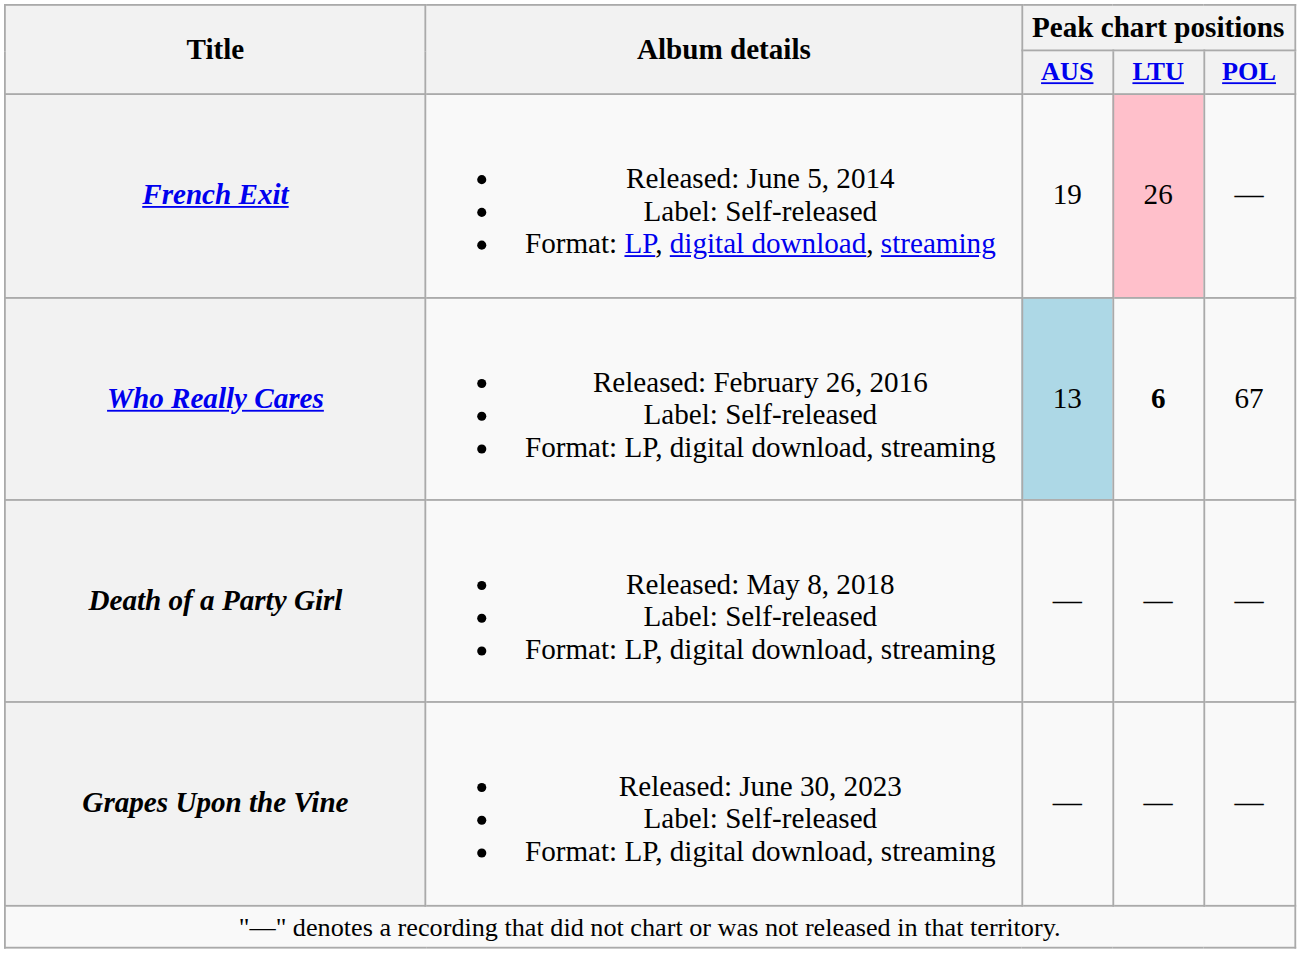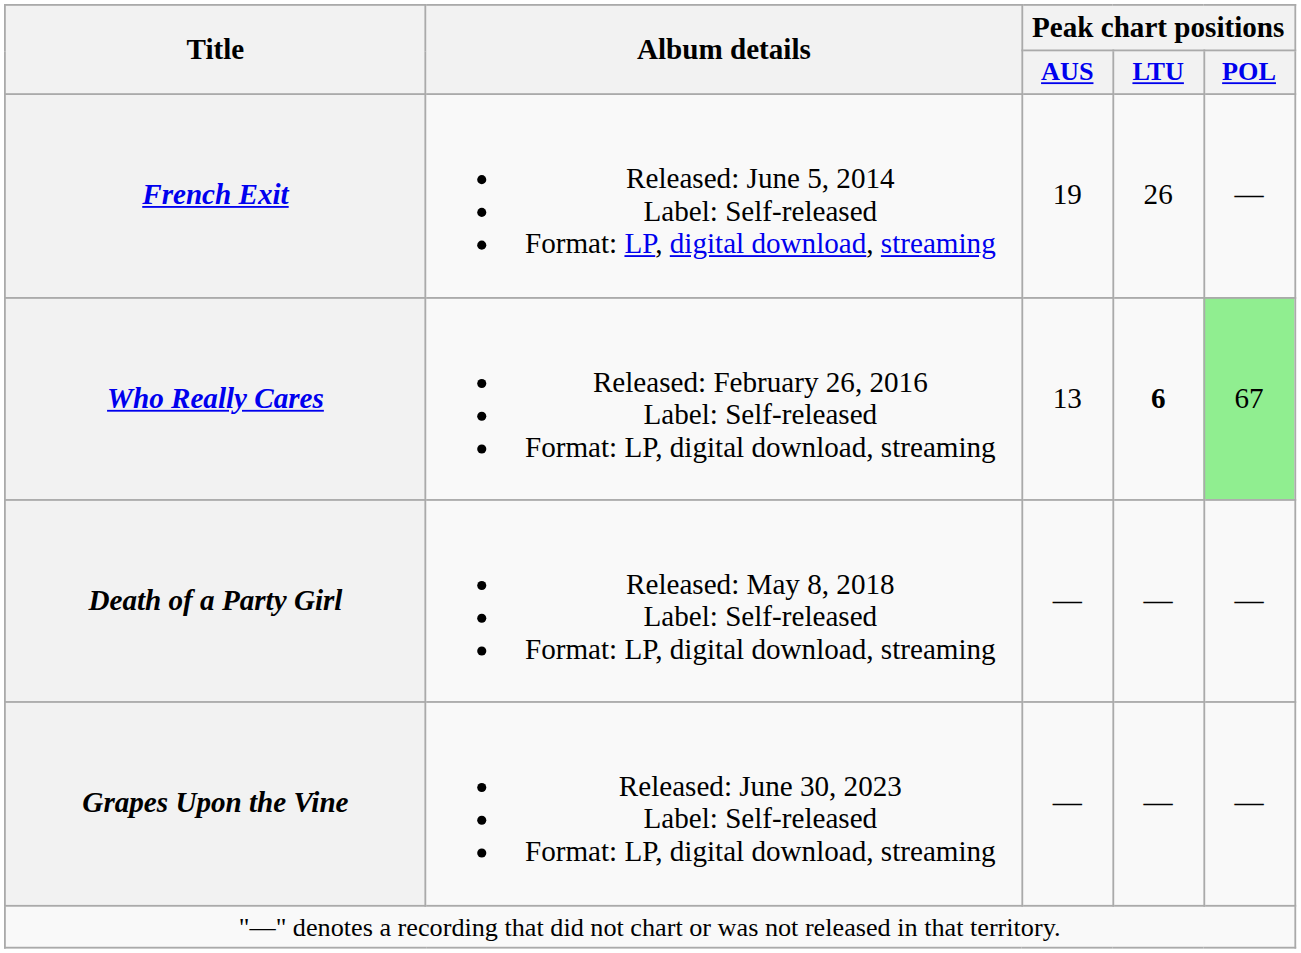 <table class="wikitable plainrowheaders" style="text-align:center;">
 <tr>
 <th scope="col" rowspan="2" style="width:14em;">Title</th>
 <th scope="col" rowspan="2" style="width:20em;">Album details</th>
 <th scope="col" colspan="3">Peak chart positions</th>
 </tr>
 <tr>
 <th scope="col" style="width:3em;font-size:90%;"><a href='#'>AUS</a><br></th>
 <th scope="col" style="width:3em;font-size:90%;"><a href='#'>LTU</a><br></th>
 <th scope="col" style="width:3em;font-size:90%;"><a href='#'>POL</a><br></th>
 </tr>
 <tr>
 <th scope="row"><em><a href='#'>French Exit</a></em></th>
 <td><br><ul><li>Released: June 5, 2014</li><li>Label: Self-released</li><li>Format: <a href='#'>LP</a>, <a href='#'>digital download</a>, <a href='#'>streaming</a></li></ul></td>
 <td>19</td>
-<td style="background: pink;">26</td>
+<td>26</td>
 <td>—</td>
 </tr>
 <tr>
 <th scope="row"><em><a href='#'>Who Really Cares</a></em></th>
 <td><br><ul><li>Released: February 26, 2016</li><li>Label: Self-released</li><li>Format: LP, digital download, streaming</li></ul></td>
-<td style="background: lightblue;">13</td>
+<td>13</td>
 <td><strong>6</strong></td>
-<td>67</td>
+<td style="background: lightgreen;">67</td>
 </tr>
 <tr>
 <th scope="row"><em>Death of a Party Girl</em></th>
 <td><br><ul><li>Released: May 8, 2018</li><li>Label: Self-released</li><li>Format: LP, digital download, streaming</li></ul></td>
 <td>—</td>
 <td>—</td>
 <td>—</td>
 </tr>
 <tr>
 <th scope="row"><em>Grapes Upon the Vine</em></th>
 <td><br><ul><li>Released: June 30, 2023</li><li>Label: Self-released</li><li>Format: LP, digital download, streaming</li></ul></td>
 <td>—</td>
 <td>—</td>
 <td>—</td>
 </tr>
 <tr>
 <td colspan="14" style="font-size:90%">"—" denotes a recording that did not chart or was not released in that territory.</td>
 </tr>
 </table>
